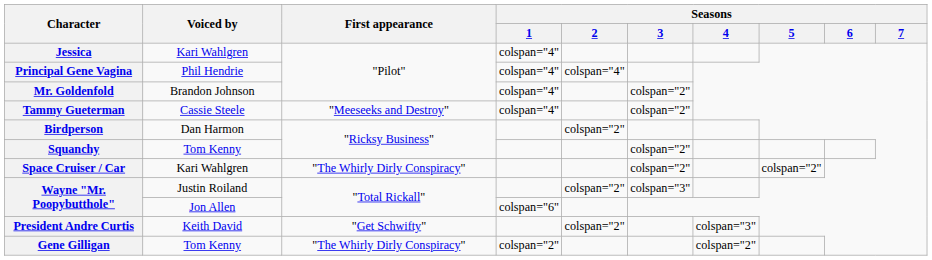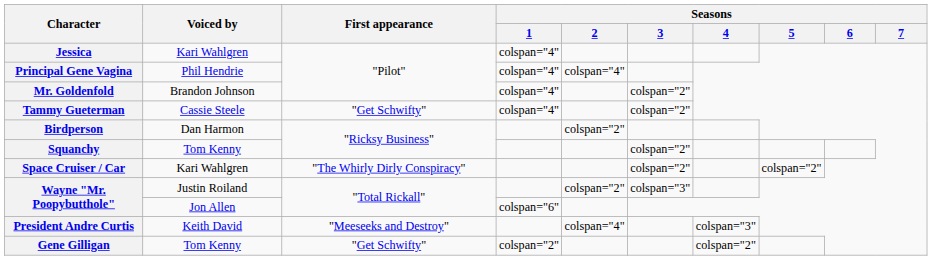 <table class="wikitable plainrowheaders" style="text-align:center;">
 <tr>
 <th scope="col" rowspan="2" style="width:175px;">Character</th>
 <th scope="col" rowspan="2" style="width:175px;">Voiced by</th>
 <th scope="col" rowspan="2" style="width:275px;">First appearance</th>
 <th scope="col" colspan="7">Seasons</th>
 </tr>
 <tr>
 <th scope="col" style="width: 60px;"><a href='#'>1</a></th>
 <th scope="col" style="width: 60px;"><a href='#'>2</a></th>
 <th scope="col" style="width: 60px;"><a href='#'>3</a></th>
 <th scope="col" style="width: 60px;"><a href='#'>4</a></th>
 <th scope="col" style="width: 60px;"><a href='#'>5</a></th>
 <th scope="col" style="width: 60px;"><a href='#'>6</a></th>
 <th scope="col" style="width: 60px;"><a href='#'>7</a></th>
 </tr>
 <tr>
 <th scope="row"><a href='#'>Jessica</a></th>
 <td><a href='#'>Kari Wahlgren</a></td>
 <td rowspan="3">"Pilot"</td>
 <td>colspan="4" </td>
 <td></td>
 <td></td>
 <td></td>
 </tr>
 <tr>
 <th scope="row"><a href='#'>Principal Gene Vagina</a></th>
 <td><a href='#'>Phil Hendrie</a></td>
 <td>colspan="4" </td>
 <td>colspan="4" </td>
 <td></td>
 </tr>
 <tr>
 <th scope="row"><a href='#'>Mr. Goldenfold</a></th>
 <td>Brandon Johnson</td>
 <td>colspan="4" </td>
 <td></td>
 <td>colspan="2" </td>
 </tr>
 <tr>
 <th scope="row"><a href='#'>Tammy Gueterman</a></th>
 <td><a href='#'>Cassie Steele</a></td>
-<td>"<a href='#'>Meeseeks and Destroy</a>"</td>
+<td>"<a href='#'>Get Schwifty</a>"</td>
 <td>colspan="4" </td>
 <td></td>
 <td>colspan="2" </td>
 </tr>
 <tr>
 <th scope="row"><a href='#'>Birdperson<br></a></th>
 <td>Dan Harmon</td>
 <td rowspan="2">"<a href='#'>Ricksy Business</a>"</td>
 <td></td>
 <td>colspan="2" </td>
 <td></td>
 <td></td>
 </tr>
 <tr>
 <th scope="row"><a href='#'>Squanchy</a></th>
 <td><a href='#'>Tom Kenny</a></td>
 <td></td>
 <td></td>
 <td>colspan="2" </td>
 <td></td>
 <td></td>
 <td></td>
 </tr>
 <tr>
 <th scope="row"><a href='#'>Space Cruiser / Car<br></a></th>
 <td>Kari Wahlgren</td>
 <td>"<a href='#'>The Whirly Dirly Conspiracy</a>"</td>
 <td></td>
 <td></td>
 <td>colspan="2" </td>
 <td></td>
 <td>colspan="2" </td>
 </tr>
 <tr>
 <th rowspan="2" scope="row"><a href='#'>Wayne "Mr. Poopybutthole"</a></th>
 <td>Justin Roiland</td>
 <td rowspan="2">"<a href='#'>Total Rickall</a>"</td>
 <td></td>
 <td>colspan="2" </td>
 <td>colspan="3" </td>
 <td></td>
 </tr>
 <tr>
 <td><a href='#'>Jon Allen</a></td>
 <td>colspan="6" </td>
 <td></td>
 </tr>
 <tr>
 <th scope="row"><a href='#'>President Andre Curtis</a></th>
 <td><a href='#'>Keith David</a></td>
-<td>"<a href='#'>Get Schwifty</a>"</td>
+<td>"<a href='#'>Meeseeks and Destroy</a>"</td>
 <td></td>
-<td>colspan="2" </td>
+<td>colspan="4" </td>
 <td></td>
 <td>colspan="3" </td>
 </tr>
 <tr>
 <th scope="row"><a href='#'>Gene Gilligan</a></th>
 <td><a href='#'>Tom Kenny</a></td>
-<td>"<a href='#'>The Whirly Dirly Conspiracy</a>"</td>
+<td>"<a href='#'>Get Schwifty</a>"</td>
 <td>colspan="2" </td>
 <td></td>
 <td></td>
 <td>colspan="2" </td>
 <td></td>
 </tr>
 </table>
